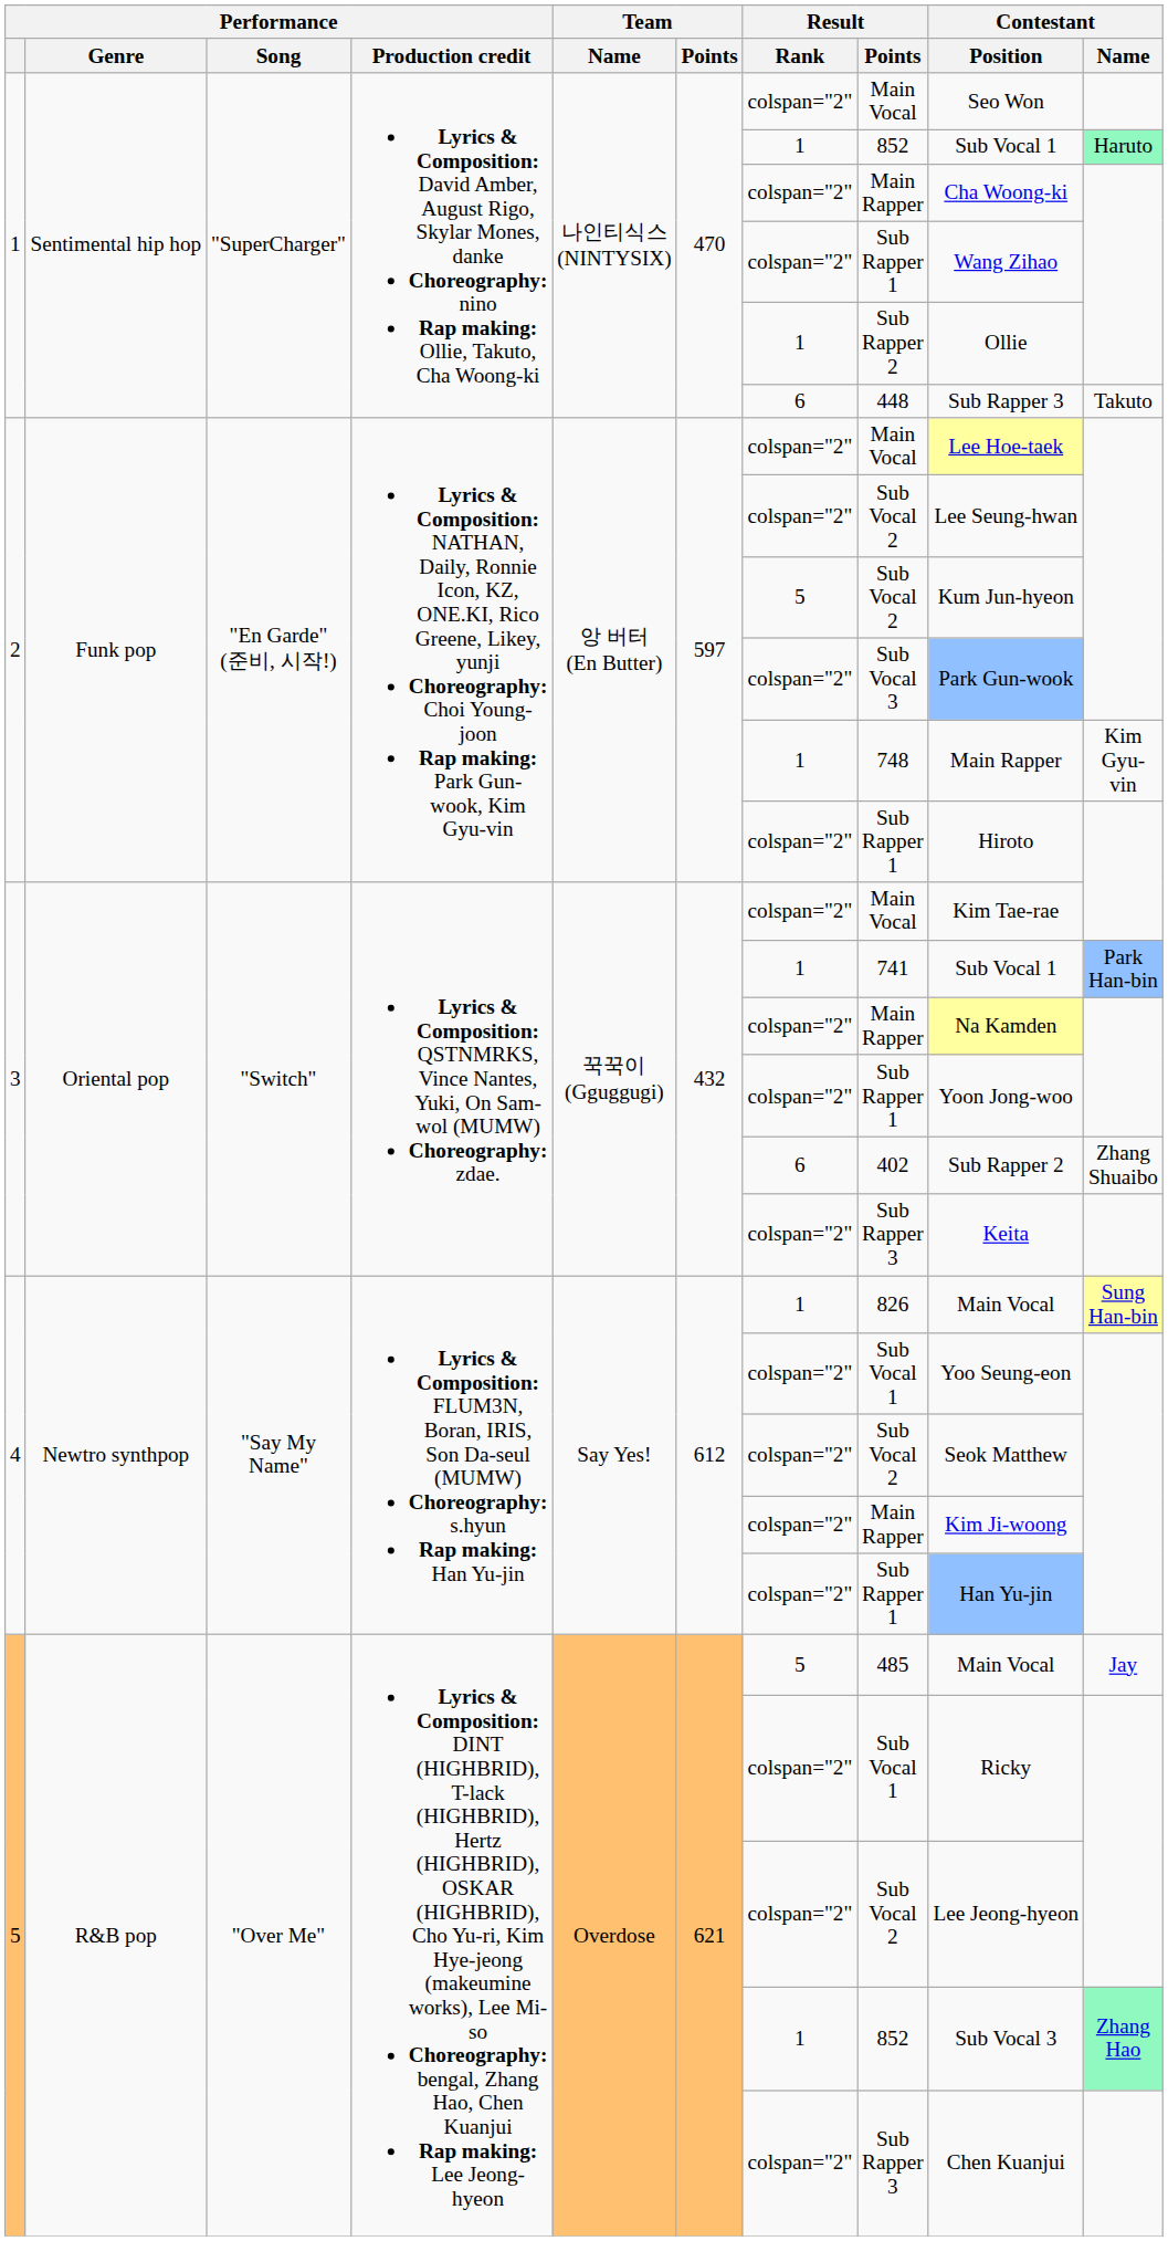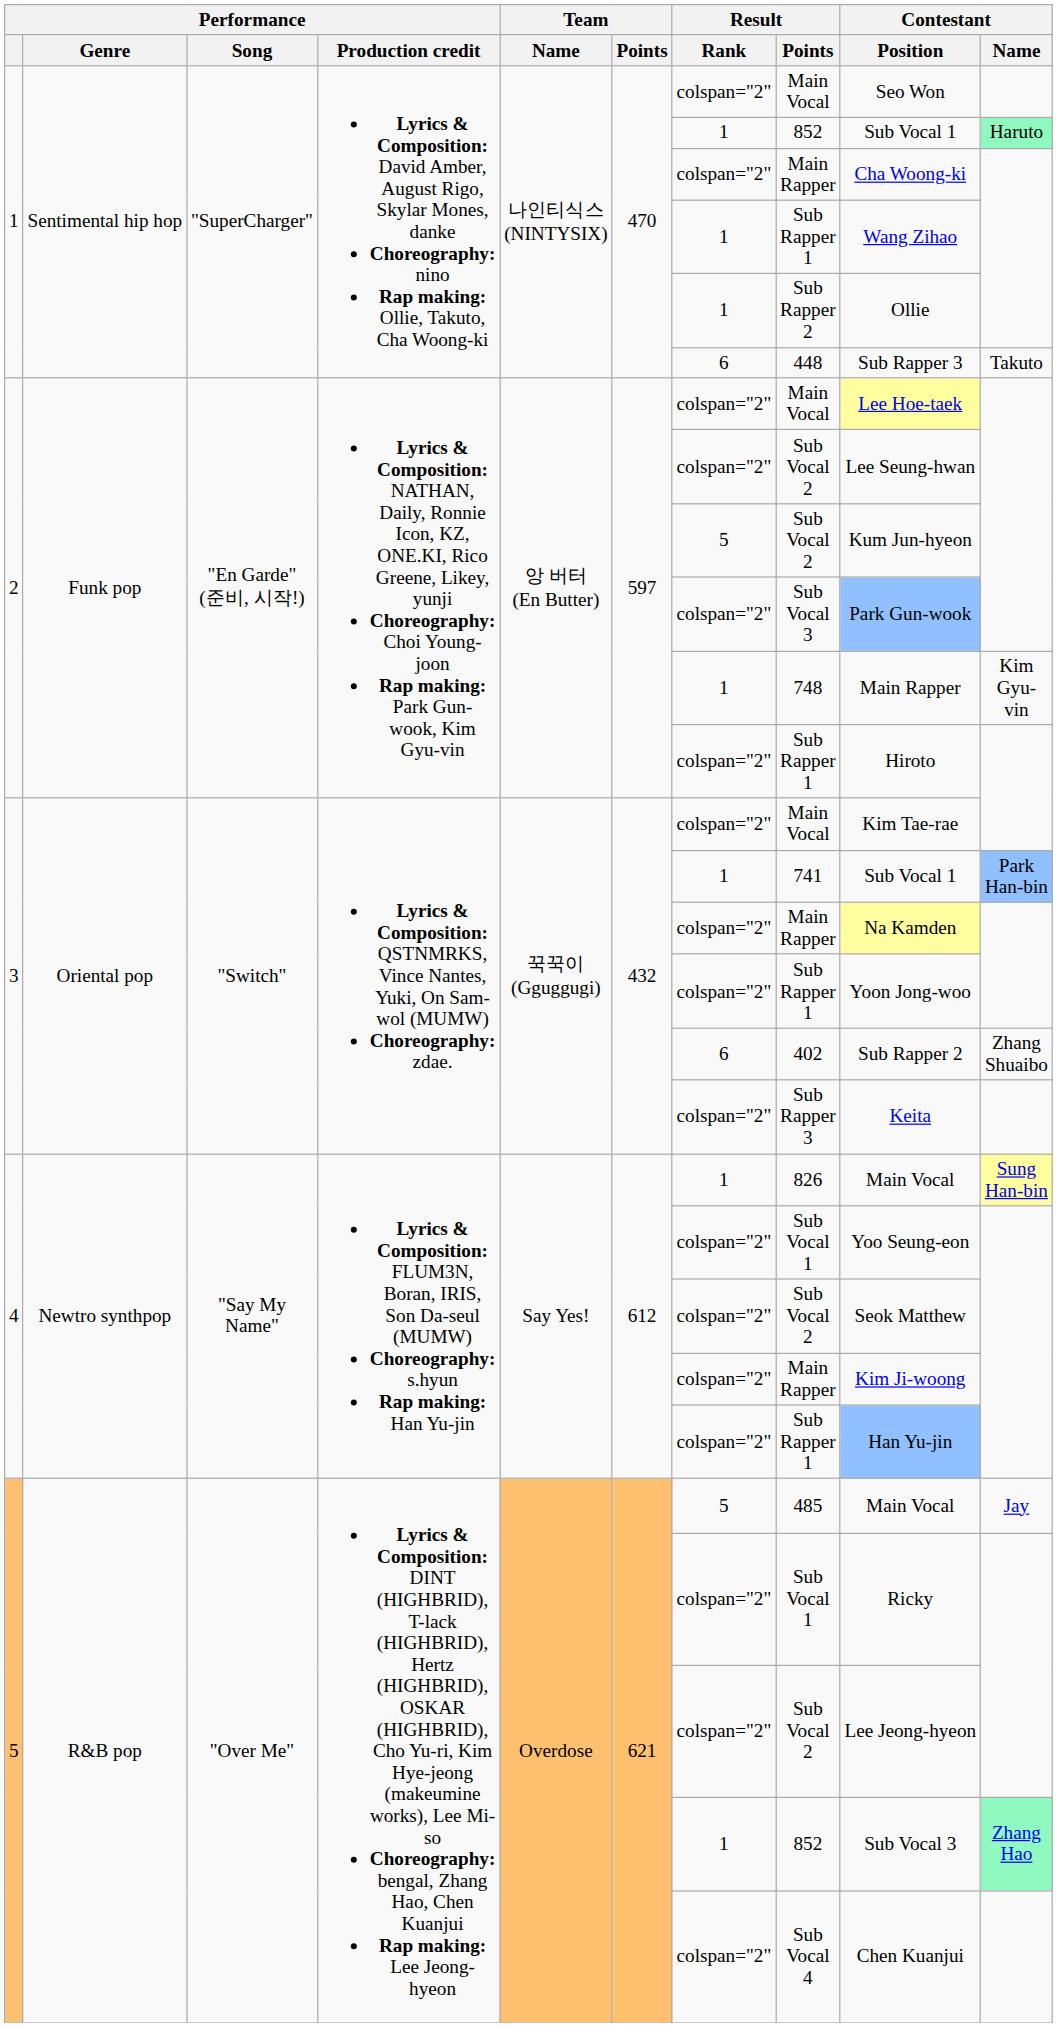 <table class="wikitable collapsible" style="width:100%; text-align:center">
 <tr>
 <th colspan="4">Performance</th>
 <th colspan="2">Team</th>
 <th colspan="2">Result</th>
 <th colspan="2">Contestant</th>
 </tr>
 <tr>
 <th></th>
 <th>Genre</th>
 <th>Song</th>
 <th>Production credit</th>
 <th>Name</th>
 <th>Points</th>
 <th>Rank</th>
 <th>Points</th>
 <th>Position</th>
 <th>Name</th>
 </tr>
 <tr>
 <td rowspan="6">1</td>
 <td rowspan="6" style="white-space:nowrap">Sentimental hip hop</td>
 <td rowspan="6">"SuperCharger"</td>
 <td rowspan="6"><br><ul><li><strong>Lyrics & Composition:</strong> David Amber, August Rigo, Skylar Mones, danke</li><li><strong>Choreography:</strong> nino</li><li><strong>Rap making:</strong> Ollie, Takuto, Cha Woong-ki</li></ul></td>
 <td rowspan="6">나인티식스<br>(NINTYSIX)</td>
 <td rowspan="6">470</td>
 <td>colspan="2" </td>
 <td>Main Vocal</td>
 <td>Seo Won</td>
 </tr>
 <tr>
 <td>1</td>
 <td>852</td>
 <td>Sub Vocal 1</td>
 <td style="background:#90F9C0">Haruto</td>
 </tr>
 <tr>
 <td>colspan="2" </td>
 <td>Main Rapper</td>
 <td><a href='#'>Cha Woong-ki</a></td>
 </tr>
 <tr>
-<td>colspan="2" </td>
+<td>1</td>
 <td>Sub Rapper 1</td>
 <td><a href='#'>Wang Zihao</a></td>
 </tr>
 <tr>
 <td>1</td>
 <td>Sub Rapper 2</td>
 <td>Ollie</td>
 </tr>
 <tr>
 <td>6</td>
 <td>448</td>
 <td style="white-space:nowrap">Sub Rapper 3</td>
 <td>Takuto</td>
 </tr>
 <tr>
 <td rowspan="6">2</td>
 <td rowspan="6">Funk pop</td>
 <td rowspan="6">"En Garde"<br>(준비, 시작!)</td>
 <td rowspan="6"><br><ul><li><strong>Lyrics & Composition:</strong> NATHAN, Daily, Ronnie Icon, KZ, ONE.KI, Rico Greene, Likey, yunji</li><li><strong>Choreography:</strong> Choi Young-joon</li><li><strong>Rap making:</strong> Park Gun-wook, Kim Gyu-vin</li></ul></td>
 <td rowspan="6">앙 버터<br>(En Butter)</td>
 <td rowspan="6">597</td>
 <td>colspan="2" </td>
 <td>Main Vocal</td>
 <td style="background:#FFFF9F"><a href='#'>Lee Hoe-taek</a></td>
 </tr>
 <tr>
 <td>colspan="2" </td>
 <td>Sub Vocal 2</td>
 <td>Lee Seung-hwan</td>
 </tr>
 <tr>
 <td>5</td>
 <td>Sub Vocal 2</td>
 <td>Kum Jun-hyeon</td>
 </tr>
 <tr>
 <td>colspan="2" </td>
 <td>Sub Vocal 3</td>
 <td style="background:#90C0FF">Park Gun-wook</td>
 </tr>
 <tr>
 <td>1</td>
 <td>748</td>
 <td>Main Rapper</td>
 <td>Kim Gyu-vin</td>
 </tr>
 <tr>
 <td>colspan="2" </td>
 <td>Sub Rapper 1</td>
 <td>Hiroto</td>
 </tr>
 <tr>
 <td rowspan="6">3</td>
 <td rowspan="6">Oriental pop</td>
 <td rowspan="6">"Switch"</td>
 <td rowspan="6"><br><ul><li><strong>Lyrics & Composition:</strong> QSTNMRKS, Vince Nantes, Yuki, On Sam-wol (MUMW)</li><li><strong>Choreography:</strong> zdae.</li></ul></td>
 <td rowspan="6">꾹꾹이<br>(Gguggugi)</td>
 <td rowspan="6">432</td>
 <td>colspan="2" </td>
 <td>Main Vocal</td>
 <td>Kim Tae-rae</td>
 </tr>
 <tr>
 <td>1</td>
 <td>741</td>
 <td>Sub Vocal 1</td>
 <td style="background:#90C0FF">Park Han-bin</td>
 </tr>
 <tr>
 <td>colspan="2" </td>
 <td>Main Rapper</td>
 <td style="background:#FFFF9F">Na Kamden</td>
 </tr>
 <tr>
 <td>colspan="2" </td>
 <td>Sub Rapper 1</td>
 <td>Yoon Jong-woo</td>
 </tr>
 <tr>
 <td>6</td>
 <td>402</td>
 <td>Sub Rapper 2</td>
 <td>Zhang Shuaibo</td>
 </tr>
 <tr>
 <td>colspan="2" </td>
 <td>Sub Rapper 3</td>
 <td><a href='#'>Keita</a></td>
 </tr>
 <tr>
 <td rowspan="5">4</td>
 <td rowspan="5">Newtro synthpop</td>
 <td rowspan="5">"Say My Name"</td>
 <td rowspan="5"><br><ul><li><strong>Lyrics & Composition:</strong> FLUM3N, Boran, IRIS, Son Da-seul (MUMW)</li><li><strong>Choreography:</strong> s.hyun</li><li><strong>Rap making:</strong> Han Yu-jin</li></ul></td>
 <td rowspan="5">Say Yes!</td>
 <td rowspan="5">612</td>
 <td>1</td>
 <td>826</td>
 <td>Main Vocal</td>
 <td style="background:#FFFF9F"><a href='#'>Sung Han-bin</a></td>
 </tr>
 <tr>
 <td>colspan="2" </td>
 <td>Sub Vocal 1</td>
 <td>Yoo Seung-eon</td>
 </tr>
 <tr>
 <td>colspan="2" </td>
 <td>Sub Vocal 2</td>
 <td>Seok Matthew</td>
 </tr>
 <tr>
 <td>colspan="2" </td>
 <td>Main Rapper</td>
 <td><a href='#'>Kim Ji-woong</a></td>
 </tr>
 <tr>
 <td>colspan="2" </td>
 <td>Sub Rapper 1</td>
 <td style="background:#90C0FF">Han Yu-jin</td>
 </tr>
 <tr>
 <td rowspan="5" style="background:#FFC06F;">5</td>
 <td rowspan="5">R&B pop</td>
 <td rowspan="5">"Over Me"</td>
 <td rowspan="5"><br><ul><li><strong>Lyrics & Composition:</strong> DINT (HIGHBRID), T-lack (HIGHBRID), Hertz (HIGHBRID), OSKAR (HIGHBRID), Cho Yu-ri, Kim Hye-jeong (makeumine works), Lee Mi-so</li><li><strong>Choreography:</strong> bengal, Zhang Hao, Chen Kuanjui</li><li><strong>Rap making:</strong> Lee Jeong-hyeon</li></ul></td>
 <td rowspan="5" style="background:#FFC06F">Overdose</td>
 <td rowspan="5" style="background:#FFC06F">621</td>
 <td>5</td>
 <td>485</td>
 <td>Main Vocal</td>
 <td><a href='#'>Jay</a></td>
 </tr>
 <tr>
 <td>colspan="2" </td>
 <td>Sub Vocal 1</td>
 <td>Ricky</td>
 </tr>
 <tr>
 <td>colspan="2" </td>
 <td>Sub Vocal 2</td>
 <td style="white-space: nowrap">Lee Jeong-hyeon</td>
 </tr>
 <tr>
 <td>1</td>
 <td>852</td>
 <td>Sub Vocal 3</td>
 <td style="background:#90F9C0"><a href='#'>Zhang Hao</a></td>
 </tr>
 <tr>
 <td>colspan="2" </td>
-<td>Sub Rapper 3</td>
+<td>Sub Vocal 4</td>
 <td>Chen Kuanjui</td>
 </tr>
 </table>
